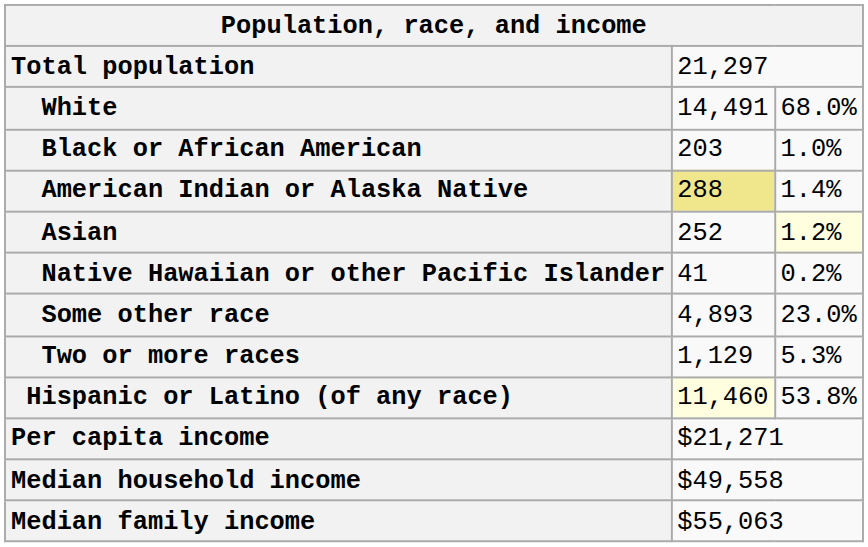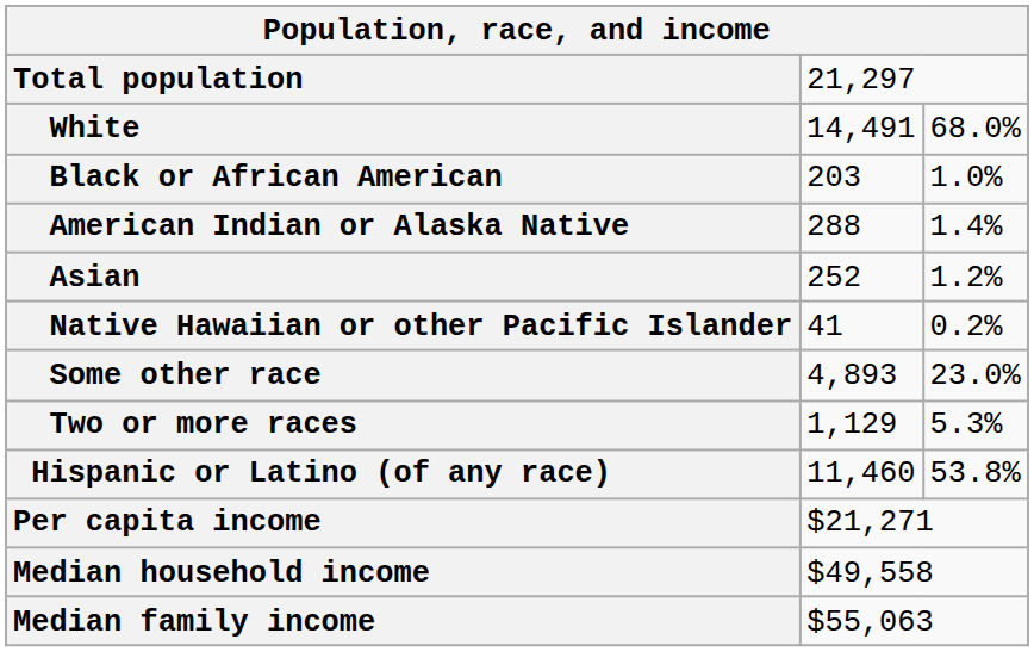 <table class="wikitable collapsible collapsed">
 <tr>
 <th colspan="6">Population, race, and income</th>
 </tr>
 <tr>
 <th scope="row" style="text-align: left;">Total population</th>
 <td colspan="2">21,297</td>
 </tr>
 <tr>
 <th scope="row" style="text-align: left;">  White</th>
 <td>14,491</td>
 <td>68.0%</td>
 </tr>
 <tr>
 <th scope="row" style="text-align: left;">  Black or African American</th>
 <td>203</td>
 <td>1.0%</td>
 </tr>
 <tr>
 <th scope="row" style="text-align: left;">  American Indian or Alaska Native</th>
-<td style="background: khaki;">288</td>
+<td>288</td>
 <td>1.4%</td>
 </tr>
 <tr>
 <th scope="row" style="text-align: left;">  Asian</th>
 <td>252</td>
-<td style="background: lightyellow;">1.2%</td>
+<td>1.2%</td>
 </tr>
 <tr>
 <th scope="row" style="text-align: left;">  Native Hawaiian or other Pacific Islander</th>
 <td>41</td>
 <td>0.2%</td>
 </tr>
 <tr>
 <th scope="row" style="text-align: left;">  Some other race</th>
 <td>4,893</td>
 <td>23.0%</td>
 </tr>
 <tr>
 <th scope="row" style="text-align: left;">  Two or more races</th>
 <td>1,129</td>
 <td>5.3%</td>
 </tr>
 <tr>
 <th scope="row" style="text-align: left;"> Hispanic or Latino (of any race)</th>
-<td style="background: lightyellow;">11,460</td>
+<td>11,460</td>
 <td>53.8%</td>
 </tr>
 <tr>
 <th scope="row" style="text-align: left;">Per capita income</th>
 <td colspan="2">$21,271</td>
 </tr>
 <tr>
 <th scope="row" style="text-align: left;">Median household income</th>
 <td colspan="2">$49,558</td>
 </tr>
 <tr>
 <th scope="row" style="text-align: left;">Median family income</th>
 <td colspan="2">$55,063</td>
 </tr>
 </table>
